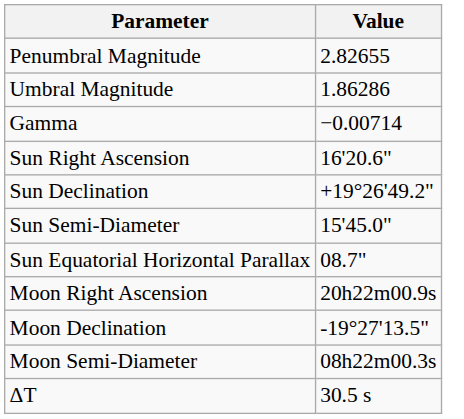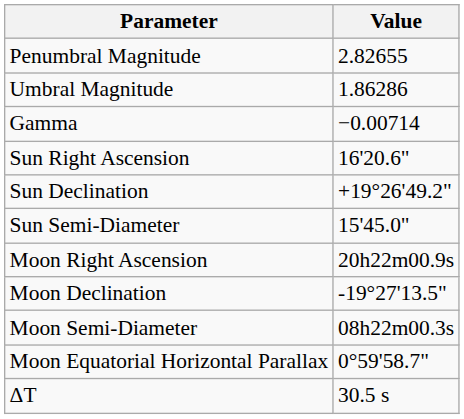 <table class="wikitable">
 <tr>
 <th>Parameter</th>
 <th>Value</th>
 </tr>
 <tr>
 <td>Penumbral Magnitude</td>
 <td>2.82655</td>
 </tr>
 <tr>
 <td>Umbral Magnitude</td>
 <td>1.86286</td>
 </tr>
 <tr>
 <td>Gamma</td>
 <td>−0.00714</td>
 </tr>
 <tr>
 <td>Sun Right Ascension</td>
 <td>16'20.6"</td>
 </tr>
 <tr>
 <td>Sun Declination</td>
 <td>+19°26'49.2"</td>
 </tr>
 <tr>
 <td>Sun Semi-Diameter</td>
 <td>15'45.0"</td>
 </tr>
 <tr>
-<td>Sun Equatorial Horizontal Parallax</td>
-<td>08.7"</td>
-</tr>
-<tr>
 <td>Moon Right Ascension</td>
 <td>20h22m00.9s</td>
 </tr>
 <tr>
 <td>Moon Declination</td>
 <td>-19°27'13.5"</td>
 </tr>
 <tr>
 <td>Moon Semi-Diameter</td>
 <td>08h22m00.3s</td>
 </tr>
 <tr>
+<td>Moon Equatorial Horizontal Parallax</td>
+<td>0°59'58.7"</td>
+</tr>
+<tr>
 <td>ΔT</td>
 <td>30.5 s</td>
 </tr>
 </table>
